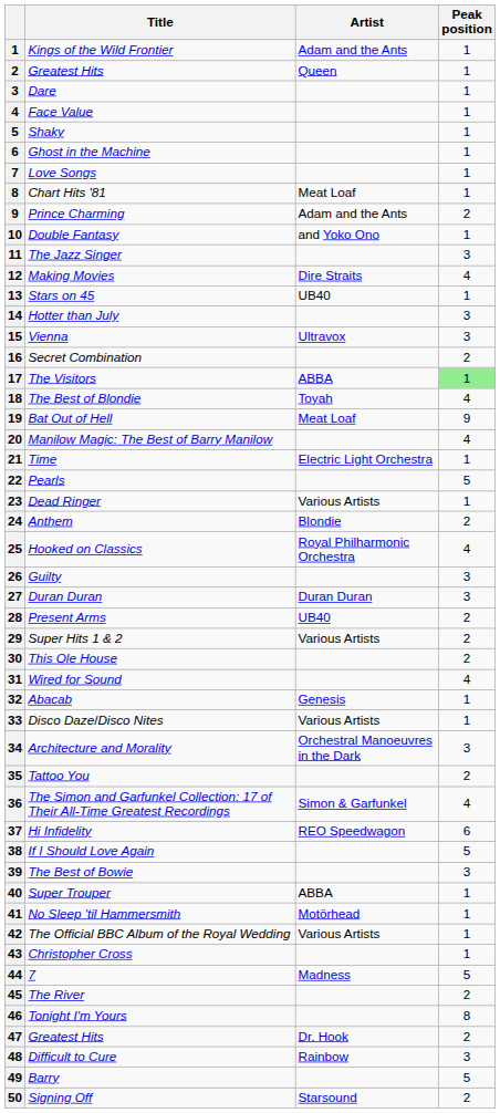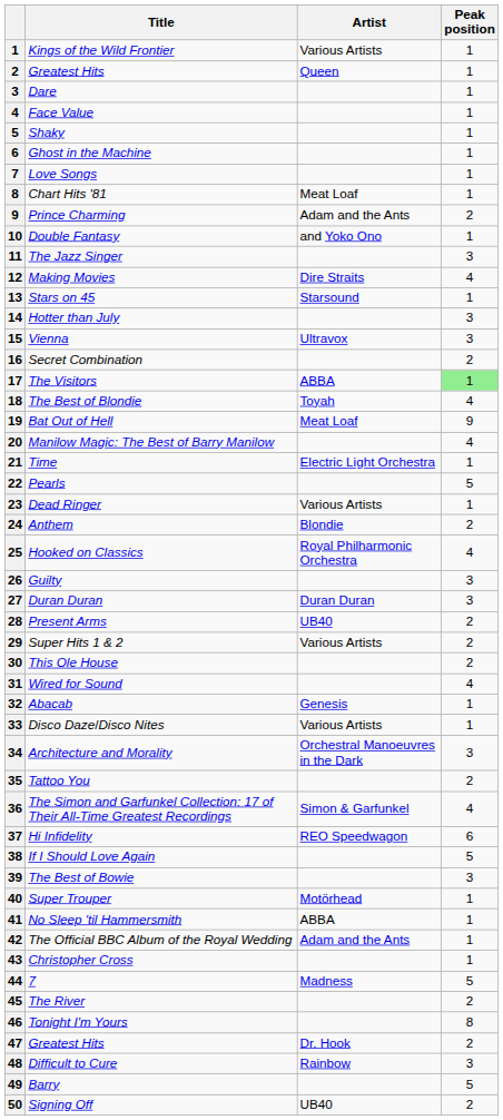 <table class="wikitable sortable plainrowheaders">
 <tr>
 <th scope=col></th>
 <th scope=col>Title</th>
 <th scope=col>Artist</th>
 <th scope=col>Peak<br>position</th>
 </tr>
 <tr>
 <th scope=row style="text-align:center;">1</th>
 <td><em><a href='#'>Kings of the Wild Frontier</a></em></td>
-<td><a href='#'>Adam and the Ants</a></td>
+<td>Various Artists</td>
 <td align="center">1</td>
 </tr>
 <tr>
 <th scope=row style="text-align:center;">2</th>
 <td><em><a href='#'>Greatest Hits</a></em></td>
 <td><a href='#'>Queen</a></td>
 <td align="center">1</td>
 </tr>
 <tr>
 <th scope=row style="text-align:center;">3</th>
 <td><em><a href='#'>Dare</a></em></td>
 <td></td>
 <td align="center">1</td>
 </tr>
 <tr>
 <th scope=row style="text-align:center;">4</th>
 <td><em><a href='#'>Face Value</a></em></td>
 <td></td>
 <td align="center">1</td>
 </tr>
 <tr>
 <th scope=row style="text-align:center;">5</th>
 <td><em><a href='#'>Shaky</a></em></td>
 <td></td>
 <td align="center">1</td>
 </tr>
 <tr>
 <th scope=row style="text-align:center;">6</th>
 <td><em><a href='#'>Ghost in the Machine</a></em></td>
 <td></td>
 <td align="center">1</td>
 </tr>
 <tr>
 <th scope=row style="text-align:center;">7</th>
 <td><em><a href='#'>Love Songs</a></em></td>
 <td></td>
 <td align="center">1</td>
 </tr>
 <tr>
 <th scope=row style="text-align:center;">8</th>
 <td><em>Chart Hits '81</em></td>
 <td>Meat Loaf</td>
 <td align="center">1</td>
 </tr>
 <tr>
 <th scope=row style="text-align:center;">9</th>
 <td><em><a href='#'>Prince Charming</a></em></td>
 <td>Adam and the Ants</td>
 <td align="center">2</td>
 </tr>
 <tr>
 <th scope=row style="text-align:center;">10</th>
 <td><em><a href='#'>Double Fantasy</a></em></td>
 <td> and <a href='#'>Yoko Ono</a></td>
 <td align="center">1</td>
 </tr>
 <tr>
 <th scope=row style="text-align:center;">11</th>
 <td><em><a href='#'>The Jazz Singer</a></em></td>
 <td></td>
 <td align="center">3</td>
 </tr>
 <tr>
 <th scope=row style="text-align:center;">12</th>
 <td><em><a href='#'>Making Movies</a></em></td>
 <td><a href='#'>Dire Straits</a></td>
 <td align="center">4</td>
 </tr>
 <tr>
 <th scope=row style="text-align:center;">13</th>
 <td><em><a href='#'>Stars on 45</a></em></td>
-<td>UB40</td>
+<td><a href='#'>Starsound</a></td>
 <td align="center">1</td>
 </tr>
 <tr>
 <th scope=row style="text-align:center;">14</th>
 <td><em><a href='#'>Hotter than July</a></em></td>
 <td></td>
 <td align="center">3</td>
 </tr>
 <tr>
 <th scope=row style="text-align:center;">15</th>
 <td><em><a href='#'>Vienna</a></em></td>
 <td><a href='#'>Ultravox</a></td>
 <td align="center">3</td>
 </tr>
 <tr>
 <th scope=row style="text-align:center;">16</th>
 <td><em>Secret Combination</em></td>
 <td></td>
 <td align="center">2</td>
 </tr>
 <tr>
 <th scope=row style="text-align:center;">17</th>
 <td><em><a href='#'>The Visitors</a></em></td>
 <td><a href='#'>ABBA</a></td>
 <td align="center" style="background: lightgreen;">1</td>
 </tr>
 <tr>
 <th scope=row style="text-align:center;">18</th>
 <td><em><a href='#'>The Best of Blondie</a></em></td>
 <td><a href='#'>Toyah</a></td>
 <td align="center">4</td>
 </tr>
 <tr>
 <th scope=row style="text-align:center;">19</th>
 <td><em><a href='#'>Bat Out of Hell</a></em></td>
 <td><a href='#'>Meat Loaf</a></td>
 <td align="center">9</td>
 </tr>
 <tr>
 <th scope=row style="text-align:center;">20</th>
 <td><em><a href='#'>Manilow Magic: The Best of Barry Manilow</a></em></td>
 <td></td>
 <td align="center">4</td>
 </tr>
 <tr>
 <th scope=row style="text-align:center;">21</th>
 <td><em><a href='#'>Time</a></em></td>
 <td><a href='#'>Electric Light Orchestra</a></td>
 <td align="center">1</td>
 </tr>
 <tr>
 <th scope=row style="text-align:center;">22</th>
 <td><em><a href='#'>Pearls</a></em></td>
 <td></td>
 <td align="center">5</td>
 </tr>
 <tr>
 <th scope=row style="text-align:center;">23</th>
 <td><em><a href='#'>Dead Ringer</a></em></td>
 <td>Various Artists</td>
 <td align="center">1</td>
 </tr>
 <tr>
 <th scope=row style="text-align:center;">24</th>
 <td><em><a href='#'>Anthem</a></em></td>
 <td><a href='#'>Blondie</a></td>
 <td align="center">2</td>
 </tr>
 <tr>
 <th scope=row style="text-align:center;">25</th>
 <td><em><a href='#'>Hooked on Classics</a></em></td>
 <td><a href='#'>Royal Philharmonic Orchestra</a></td>
 <td align="center">4</td>
 </tr>
 <tr>
 <th scope=row style="text-align:center;">26</th>
 <td><em><a href='#'>Guilty</a></em></td>
 <td></td>
 <td align="center">3</td>
 </tr>
 <tr>
 <th scope=row style="text-align:center;">27</th>
 <td><em><a href='#'>Duran Duran</a></em></td>
 <td><a href='#'>Duran Duran</a></td>
 <td align="center">3</td>
 </tr>
 <tr>
 <th scope=row style="text-align:center;">28</th>
 <td><em><a href='#'>Present Arms</a></em></td>
 <td><a href='#'>UB40</a></td>
 <td align="center">2</td>
 </tr>
 <tr>
 <th scope=row style="text-align:center;">29</th>
 <td><em>Super Hits 1 & 2</em></td>
 <td>Various Artists</td>
 <td align="center">2</td>
 </tr>
 <tr>
 <th scope=row style="text-align:center;">30</th>
 <td><em><a href='#'>This Ole House</a></em></td>
 <td></td>
 <td align="center">2</td>
 </tr>
 <tr>
 <th scope=row style="text-align:center;">31</th>
 <td><em><a href='#'>Wired for Sound</a></em></td>
 <td></td>
 <td align="center">4</td>
 </tr>
 <tr>
 <th scope=row style="text-align:center;">32</th>
 <td><em><a href='#'>Abacab</a></em></td>
 <td><a href='#'>Genesis</a></td>
 <td align="center">1</td>
 </tr>
 <tr>
 <th scope=row style="text-align:center;">33</th>
 <td><em>Disco Daze</em>/<em>Disco Nites</em></td>
 <td>Various Artists</td>
 <td align="center">1</td>
 </tr>
 <tr>
 <th scope=row style="text-align:center;">34</th>
 <td><em><a href='#'>Architecture and Morality</a></em></td>
 <td><a href='#'>Orchestral Manoeuvres in the Dark</a></td>
 <td align="center">3</td>
 </tr>
 <tr>
 <th scope=row style="text-align:center;">35</th>
 <td><em><a href='#'>Tattoo You</a></em></td>
 <td></td>
 <td align="center">2</td>
 </tr>
 <tr>
 <th scope=row style="text-align:center;">36</th>
 <td><em><a href='#'>The Simon and Garfunkel Collection: 17 of Their All-Time Greatest Recordings</a></em></td>
 <td><a href='#'>Simon & Garfunkel</a></td>
 <td align="center">4</td>
 </tr>
 <tr>
 <th scope=row style="text-align:center;">37</th>
 <td><em><a href='#'>Hi Infidelity</a></em></td>
 <td><a href='#'>REO Speedwagon</a></td>
 <td align="center">6</td>
 </tr>
 <tr>
 <th scope=row style="text-align:center;">38</th>
 <td><em><a href='#'>If I Should Love Again</a></em></td>
 <td></td>
 <td align="center">5</td>
 </tr>
 <tr>
 <th scope=row style="text-align:center;">39</th>
 <td><em><a href='#'>The Best of Bowie</a></em></td>
 <td></td>
 <td align="center">3</td>
 </tr>
 <tr>
 <th scope=row style="text-align:center;">40</th>
 <td><em><a href='#'>Super Trouper</a></em></td>
-<td>ABBA</td>
+<td><a href='#'>Motörhead</a></td>
 <td align="center">1</td>
 </tr>
 <tr>
 <th scope=row style="text-align:center;">41</th>
 <td><em><a href='#'>No Sleep 'til Hammersmith</a></em></td>
-<td><a href='#'>Motörhead</a></td>
+<td>ABBA</td>
 <td align="center">1</td>
 </tr>
 <tr>
 <th scope=row style="text-align:center;">42</th>
 <td><em>The Official BBC Album of the Royal Wedding</em></td>
-<td>Various Artists</td>
+<td><a href='#'>Adam and the Ants</a></td>
 <td align="center">1</td>
 </tr>
 <tr>
 <th scope=row style="text-align:center;">43</th>
 <td><em><a href='#'>Christopher Cross</a></em></td>
 <td></td>
 <td align="center">1</td>
 </tr>
 <tr>
 <th scope=row style="text-align:center;">44</th>
 <td><em><a href='#'>7</a></em></td>
 <td><a href='#'>Madness</a></td>
 <td align="center">5</td>
 </tr>
 <tr>
 <th scope=row style="text-align:center;">45</th>
 <td><em><a href='#'>The River</a></em></td>
 <td></td>
 <td align="center">2</td>
 </tr>
 <tr>
 <th scope=row style="text-align:center;">46</th>
 <td><em><a href='#'>Tonight I'm Yours</a></em></td>
 <td></td>
 <td align="center">8</td>
 </tr>
 <tr>
 <th scope=row style="text-align:center;">47</th>
 <td><em><a href='#'>Greatest Hits</a></em></td>
 <td><a href='#'>Dr. Hook</a></td>
 <td align="center">2</td>
 </tr>
 <tr>
 <th scope=row style="text-align:center;">48</th>
 <td><em><a href='#'>Difficult to Cure</a></em></td>
 <td><a href='#'>Rainbow</a></td>
 <td align="center">3</td>
 </tr>
 <tr>
 <th scope=row style="text-align:center;">49</th>
 <td><em><a href='#'>Barry</a></em></td>
 <td></td>
 <td align="center">5</td>
 </tr>
 <tr>
 <th scope=row style="text-align:center;">50</th>
 <td><em><a href='#'>Signing Off</a></em></td>
-<td><a href='#'>Starsound</a></td>
+<td>UB40</td>
 <td align="center">2</td>
 </tr>
 </table>
